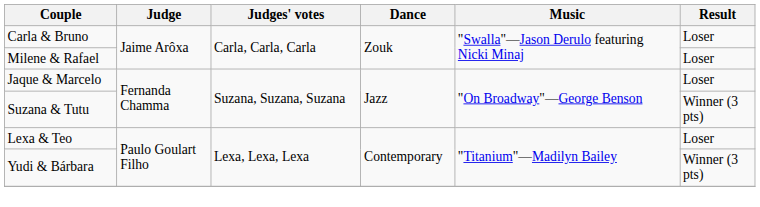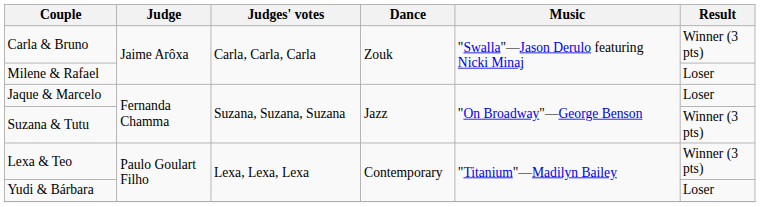 <table class="wikitable sortable" style="width:100%;">
 <tr>
 <th style="width:15.0%;">Couple</th>
 <th style="width:12.5%;">Judge</th>
 <th style="width:20.0%;">Judges' votes</th>
 <th style="width:12.5%;">Dance</th>
 <th style="width:30.0%;">Music</th>
 <th style="width:10.0%;">Result</th>
 </tr>
 <tr>
 <td>Carla & Bruno</td>
 <td rowspan=2>Jaime Arôxa</td>
 <td rowspan=2>Carla, Carla, Carla</td>
 <td rowspan=2>Zouk</td>
 <td rowspan=2>"<a href='#'>Swalla</a>"—<a href='#'>Jason Derulo</a> featuring <a href='#'>Nicki Minaj</a></td>
-<td>Loser</td>
+<td>Winner (3 pts)</td>
 </tr>
 <tr>
 <td>Milene & Rafael</td>
 <td>Loser</td>
 </tr>
 <tr>
 <td>Jaque & Marcelo</td>
 <td rowspan=2>Fernanda Chamma</td>
 <td rowspan=2>Suzana, Suzana, Suzana</td>
 <td rowspan=2>Jazz</td>
 <td rowspan=2>"<a href='#'>On Broadway</a>"—<a href='#'>George Benson</a></td>
 <td>Loser</td>
 </tr>
 <tr>
 <td>Suzana & Tutu</td>
 <td>Winner (3 pts)</td>
 </tr>
 <tr>
 <td>Lexa & Teo</td>
 <td rowspan=2>Paulo Goulart Filho</td>
 <td rowspan=2>Lexa, Lexa, Lexa</td>
 <td rowspan=2>Contemporary</td>
 <td rowspan=2>"<a href='#'>Titanium</a>"—<a href='#'>Madilyn Bailey</a></td>
-<td>Loser</td>
+<td>Winner (3 pts)</td>
 </tr>
 <tr>
 <td>Yudi & Bárbara</td>
-<td>Winner (3 pts)</td>
+<td>Loser</td>
 </tr>
 <tr>
 </tr>
 </table>
